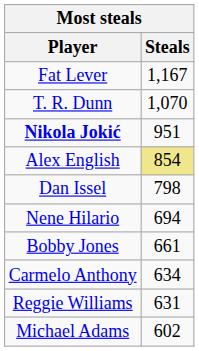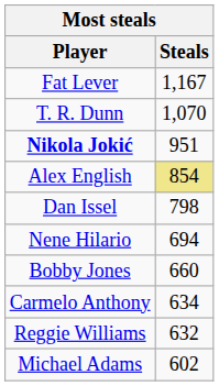 <table class="wikitable sortable" style="text-align:center">
 <tr>
 <th colspan="2" style="text-align:center; ">Most steals</th>
 </tr>
 <tr>
 <th style="text-align:center; ">Player</th>
 <th style="text-align:center; ">Steals</th>
 </tr>
 <tr>
 <td><a href='#'>Fat Lever</a></td>
 <td>1,167</td>
 </tr>
 <tr>
 <td><a href='#'>T. R. Dunn</a></td>
 <td>1,070</td>
 </tr>
 <tr>
 <td><strong><a href='#'>Nikola Jokić</a></strong></td>
 <td>951</td>
 </tr>
 <tr>
 <td><a href='#'>Alex English</a></td>
 <td style="background: khaki;">854</td>
 </tr>
 <tr>
 <td><a href='#'>Dan Issel</a></td>
 <td>798</td>
 </tr>
 <tr>
 <td><a href='#'>Nene Hilario</a></td>
 <td>694</td>
 </tr>
 <tr>
 <td><a href='#'>Bobby Jones</a></td>
-<td>661</td>
+<td>660</td>
 </tr>
 <tr>
 <td><a href='#'>Carmelo Anthony</a></td>
 <td>634</td>
 </tr>
 <tr>
 <td><a href='#'>Reggie Williams</a></td>
-<td>631</td>
+<td>632</td>
 </tr>
 <tr>
 <td><a href='#'>Michael Adams</a></td>
 <td>602</td>
 </tr>
 </table>
